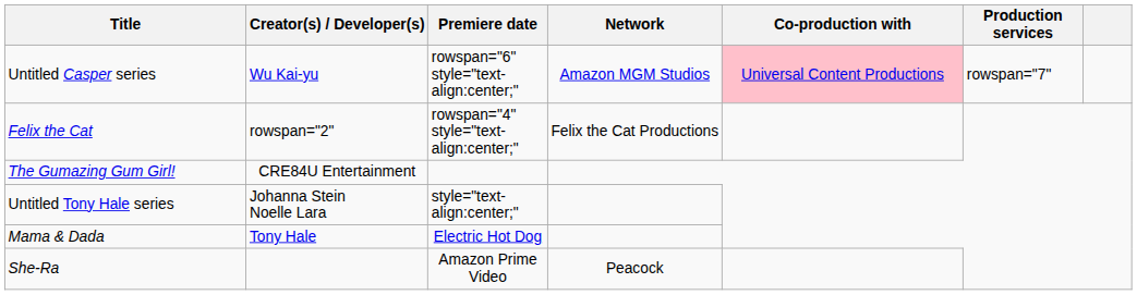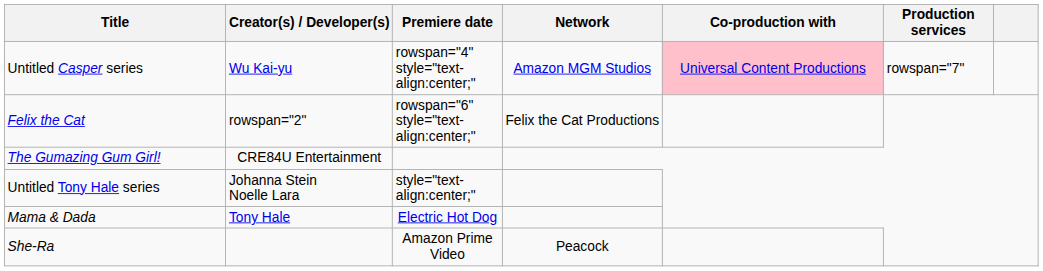 <table class="wikitable sortable">
 <tr>
 <th width=250>Title</th>
 <th>Creator(s) / Developer(s)</th>
 <th width=120>Premiere date</th>
 <th>Network</th>
 <th width=250>Co-production with</th>
 <th width=120>Production services</th>
 <th width=45 class="unsortable"></th>
 </tr>
 <tr>
 <td>Untitled <em><a href='#'>Casper</a></em> series</td>
 <td><a href='#'>Wu Kai-yu</a></td>
-<td>rowspan="6" style="text-align:center;" </td>
+<td>rowspan="4" style="text-align:center;" </td>
 <td style="text-align:center;"><a href='#'>Amazon MGM Studios</a></td>
 <td style="background: pink; text-align:center;"><a href='#'>Universal Content Productions</a></td>
 <td>rowspan="7" </td>
 <td></td>
 </tr>
 <tr>
 <td><em><a href='#'>Felix the Cat</a></em></td>
 <td>rowspan="2" </td>
-<td>rowspan="4" style="text-align:center;" </td>
+<td>rowspan="6" style="text-align:center;" </td>
 <td style="text-align:center;">Felix the Cat Productions</td>
 <td></td>
 </tr>
 <tr>
 <td><em><a href='#'>The Gumazing Gum Girl!</a></em></td>
 <td style="text-align:center;">CRE84U Entertainment</td>
 <td></td>
 </tr>
 <tr>
 <td>Untitled <a href='#'>Tony Hale</a> series</td>
 <td>Johanna Stein<br>Noelle Lara</td>
 <td>style="text-align:center;" </td>
 <td></td>
 </tr>
 <tr>
 <td><em>Mama & Dada</em></td>
 <td><a href='#'>Tony Hale</a></td>
 <td style="text-align:center;"><a href='#'>Electric Hot Dog</a></td>
 <td></td>
 </tr>
 <tr>
 <td><em>She-Ra</em></td>
 <td></td>
 <td style="text-align:center;">Amazon Prime Video</td>
 <td style="text-align:center;">Peacock</td>
 <td></td>
 </tr>
 </table>
